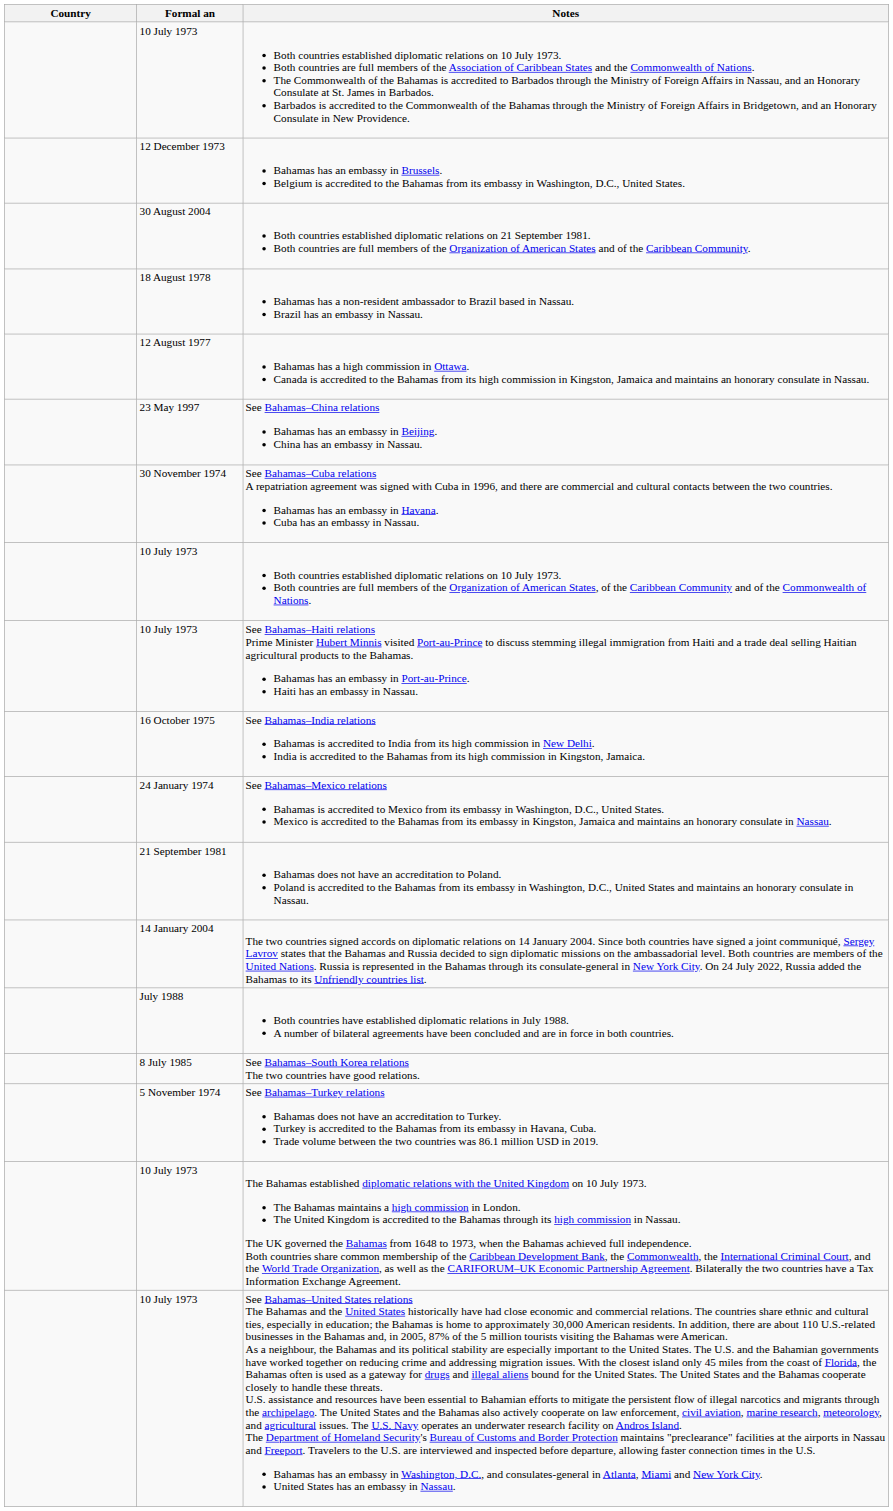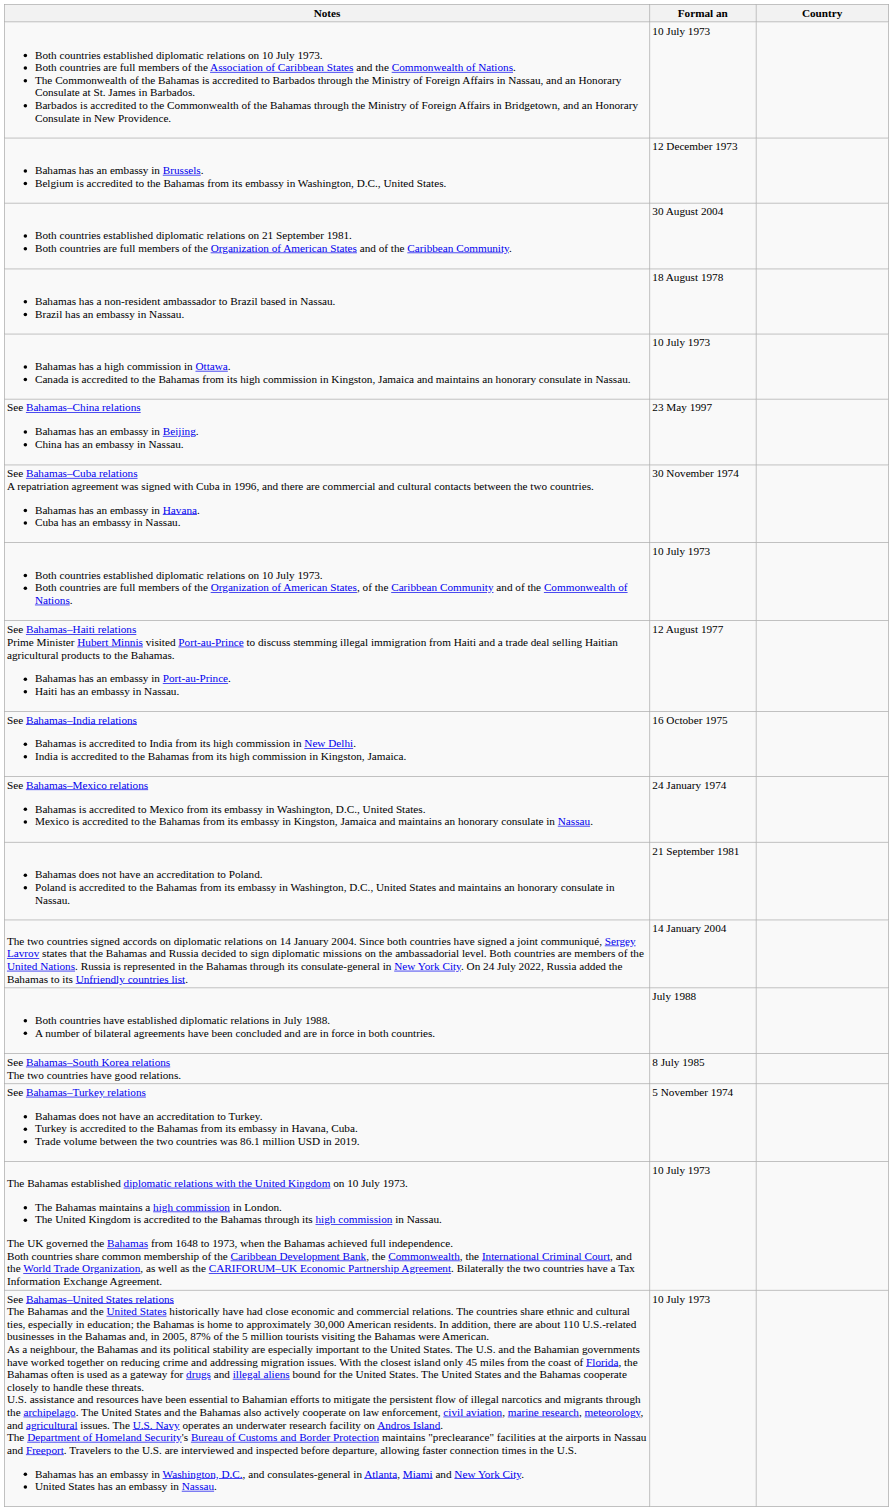 <table class="wikitable sortable" style="width:100%; margin:auto;">
 <tr>
+<th>Notes</th>
+<th style="width:12%;">Formal an</th>
 <th style="width:15%;">Country</th>
-<th style="width:12%;">Formal an</th>
-<th>Notes</th>
 </tr>
 <tr valign="top">
+<td><br><ul><li>Both countries established diplomatic relations on 10 July 1973.</li><li>Both countries are full members of the <a href='#'>Association of Caribbean States</a> and the <a href='#'>Commonwealth of Nations</a>.</li><li>The Commonwealth of the Bahamas is accredited to Barbados through the Ministry of Foreign Affairs in Nassau, and an Honorary Consulate at St. James in Barbados.</li><li>Barbados is accredited to the Commonwealth of the Bahamas through the Ministry of Foreign Affairs in Bridgetown, and an Honorary Consulate in New Providence.</li></ul></td>
+<td>10 July 1973</td>
 <td></td>
-<td>10 July 1973</td>
-<td><br><ul><li>Both countries established diplomatic relations on 10 July 1973.</li><li>Both countries are full members of the <a href='#'>Association of Caribbean States</a> and the <a href='#'>Commonwealth of Nations</a>.</li><li>The Commonwealth of the Bahamas is accredited to Barbados through the Ministry of Foreign Affairs in Nassau, and an Honorary Consulate at St. James in Barbados.</li><li>Barbados is accredited to the Commonwealth of the Bahamas through the Ministry of Foreign Affairs in Bridgetown, and an Honorary Consulate in New Providence.</li></ul></td>
 </tr>
 <tr valign="top">
+<td><br><ul><li>Bahamas has an embassy in <a href='#'>Brussels</a>.</li><li>Belgium is accredited to the Bahamas from its embassy in Washington, D.C., United States.</li></ul></td>
+<td>12 December 1973</td>
 <td></td>
-<td>12 December 1973</td>
-<td><br><ul><li>Bahamas has an embassy in <a href='#'>Brussels</a>.</li><li>Belgium is accredited to the Bahamas from its embassy in Washington, D.C., United States.</li></ul></td>
 </tr>
 <tr valign="top">
+<td><br><ul><li>Both countries established diplomatic relations on 21 September 1981.</li><li>Both countries are full members of the <a href='#'>Organization of American States</a> and of the <a href='#'>Caribbean Community</a>.</li></ul></td>
+<td>30 August 2004</td>
 <td></td>
-<td>30 August 2004</td>
-<td><br><ul><li>Both countries established diplomatic relations on 21 September 1981.</li><li>Both countries are full members of the <a href='#'>Organization of American States</a> and of the <a href='#'>Caribbean Community</a>.</li></ul></td>
 </tr>
 <tr valign="top">
+<td><br><ul><li>Bahamas has a non-resident ambassador to Brazil based in Nassau.</li><li>Brazil has an embassy in Nassau.</li></ul></td>
+<td>18 August 1978</td>
 <td></td>
-<td>18 August 1978</td>
-<td><br><ul><li>Bahamas has a non-resident ambassador to Brazil based in Nassau.</li><li>Brazil has an embassy in Nassau.</li></ul></td>
 </tr>
 <tr valign="top">
+<td><br><ul><li>Bahamas has a high commission in <a href='#'>Ottawa</a>.</li><li>Canada is accredited to the Bahamas from its high commission in Kingston, Jamaica and maintains an honorary consulate in Nassau.</li></ul></td>
+<td>10 July 1973</td>
 <td></td>
-<td>12 August 1977</td>
-<td><br><ul><li>Bahamas has a high commission in <a href='#'>Ottawa</a>.</li><li>Canada is accredited to the Bahamas from its high commission in Kingston, Jamaica and maintains an honorary consulate in Nassau.</li></ul></td>
 </tr>
 <tr valign="top">
+<td>See <a href='#'>Bahamas–China relations</a><br><ul><li>Bahamas has an embassy in <a href='#'>Beijing</a>.</li><li>China has an embassy in Nassau.</li></ul></td>
+<td>23 May 1997</td>
 <td></td>
-<td>23 May 1997</td>
-<td>See <a href='#'>Bahamas–China relations</a><br><ul><li>Bahamas has an embassy in <a href='#'>Beijing</a>.</li><li>China has an embassy in Nassau.</li></ul></td>
 </tr>
 <tr valign="top">
+<td>See <a href='#'>Bahamas–Cuba relations</a><br>A repatriation agreement was signed with Cuba in 1996, and there are commercial and cultural contacts between the two countries.<ul><li>Bahamas has an embassy in <a href='#'>Havana</a>.</li><li>Cuba has an embassy in Nassau.</li></ul></td>
+<td>30 November 1974</td>
 <td></td>
-<td>30 November 1974</td>
-<td>See <a href='#'>Bahamas–Cuba relations</a><br>A repatriation agreement was signed with Cuba in 1996, and there are commercial and cultural contacts between the two countries.<ul><li>Bahamas has an embassy in <a href='#'>Havana</a>.</li><li>Cuba has an embassy in Nassau.</li></ul></td>
 </tr>
 <tr valign="top">
+<td><br><ul><li>Both countries established diplomatic relations on 10 July 1973.</li><li>Both countries are full members of the <a href='#'>Organization of American States</a>, of the <a href='#'>Caribbean Community</a> and of the <a href='#'>Commonwealth of Nations</a>.</li></ul></td>
+<td>10 July 1973</td>
 <td></td>
-<td>10 July 1973</td>
-<td><br><ul><li>Both countries established diplomatic relations on 10 July 1973.</li><li>Both countries are full members of the <a href='#'>Organization of American States</a>, of the <a href='#'>Caribbean Community</a> and of the <a href='#'>Commonwealth of Nations</a>.</li></ul></td>
 </tr>
 <tr valign="top">
+<td>See <a href='#'>Bahamas–Haiti relations</a><br>Prime Minister <a href='#'>Hubert Minnis</a> visited <a href='#'>Port-au-Prince</a> to discuss stemming illegal immigration from Haiti and a trade deal selling Haitian agricultural products to the Bahamas.<ul><li>Bahamas has an embassy in <a href='#'>Port-au-Prince</a>.</li><li>Haiti has an embassy in Nassau.</li></ul></td>
+<td>12 August 1977</td>
 <td></td>
-<td>10 July 1973</td>
-<td>See <a href='#'>Bahamas–Haiti relations</a><br>Prime Minister <a href='#'>Hubert Minnis</a> visited <a href='#'>Port-au-Prince</a> to discuss stemming illegal immigration from Haiti and a trade deal selling Haitian agricultural products to the Bahamas.<ul><li>Bahamas has an embassy in <a href='#'>Port-au-Prince</a>.</li><li>Haiti has an embassy in Nassau.</li></ul></td>
 </tr>
 <tr valign="top">
+<td>See <a href='#'>Bahamas–India relations</a><br><ul><li>Bahamas is accredited to India from its high commission in <a href='#'>New Delhi</a>.</li><li>India is accredited to the Bahamas from its high commission in Kingston, Jamaica.</li></ul></td>
+<td>16 October 1975</td>
 <td></td>
-<td>16 October 1975</td>
-<td>See <a href='#'>Bahamas–India relations</a><br><ul><li>Bahamas is accredited to India from its high commission in <a href='#'>New Delhi</a>.</li><li>India is accredited to the Bahamas from its high commission in Kingston, Jamaica.</li></ul></td>
 </tr>
 <tr valign="top">
+<td>See <a href='#'>Bahamas–Mexico relations</a><br><ul><li>Bahamas is accredited to Mexico from its embassy in Washington, D.C., United States.</li><li>Mexico is accredited to the Bahamas from its embassy in Kingston, Jamaica and maintains an honorary consulate in <a href='#'>Nassau</a>.</li></ul></td>
+<td>24 January 1974</td>
 <td></td>
-<td>24 January 1974</td>
-<td>See <a href='#'>Bahamas–Mexico relations</a><br><ul><li>Bahamas is accredited to Mexico from its embassy in Washington, D.C., United States.</li><li>Mexico is accredited to the Bahamas from its embassy in Kingston, Jamaica and maintains an honorary consulate in <a href='#'>Nassau</a>.</li></ul></td>
 </tr>
 <tr valign="top">
+<td><br><ul><li>Bahamas does not have an accreditation to Poland.</li><li>Poland is accredited to the Bahamas from its embassy in Washington, D.C., United States and maintains an honorary consulate in Nassau.</li></ul></td>
+<td>21 September 1981</td>
 <td></td>
-<td>21 September 1981</td>
-<td><br><ul><li>Bahamas does not have an accreditation to Poland.</li><li>Poland is accredited to the Bahamas from its embassy in Washington, D.C., United States and maintains an honorary consulate in Nassau.</li></ul></td>
 </tr>
 <tr valign="top">
+<td><br>The two countries signed accords on diplomatic relations on 14 January 2004. Since both countries have signed a joint communiqué, <a href='#'>Sergey Lavrov</a> states that the Bahamas and Russia decided to sign diplomatic missions on the ambassadorial level. Both countries are members of the <a href='#'>United Nations</a>. Russia is represented in the Bahamas through its consulate-general in <a href='#'>New York City</a>. On 24 July 2022, Russia added the Bahamas to its <a href='#'>Unfriendly countries list</a>.</td>
+<td>14 January 2004</td>
 <td></td>
-<td>14 January 2004</td>
-<td><br>The two countries signed accords on diplomatic relations on 14 January 2004. Since both countries have signed a joint communiqué, <a href='#'>Sergey Lavrov</a> states that the Bahamas and Russia decided to sign diplomatic missions on the ambassadorial level. Both countries are members of the <a href='#'>United Nations</a>. Russia is represented in the Bahamas through its consulate-general in <a href='#'>New York City</a>. On 24 July 2022, Russia added the Bahamas to its <a href='#'>Unfriendly countries list</a>.</td>
 </tr>
 <tr valign="top">
+<td><br><ul><li>Both countries have established diplomatic relations in July 1988.</li><li>A number of bilateral agreements have been concluded and are in force in both countries.</li></ul></td>
+<td>July 1988</td>
 <td></td>
-<td>July 1988</td>
-<td><br><ul><li>Both countries have established diplomatic relations in July 1988.</li><li>A number of bilateral agreements have been concluded and are in force in both countries.</li></ul></td>
 </tr>
 <tr valign="top">
+<td>See <a href='#'>Bahamas–South Korea relations</a><br>The two countries have good relations.</td>
+<td>8 July 1985</td>
 <td></td>
-<td>8 July 1985</td>
-<td>See <a href='#'>Bahamas–South Korea relations</a><br>The two countries have good relations.</td>
 </tr>
 <tr valign="top">
+<td>See <a href='#'>Bahamas–Turkey relations</a><br><ul><li>Bahamas does not have an accreditation to Turkey.</li><li>Turkey is accredited to the Bahamas from its embassy in Havana, Cuba.</li><li>Trade volume between the two countries was 86.1 million USD in 2019.</li></ul></td>
+<td>5 November 1974</td>
 <td></td>
-<td>5 November 1974</td>
-<td>See <a href='#'>Bahamas–Turkey relations</a><br><ul><li>Bahamas does not have an accreditation to Turkey.</li><li>Turkey is accredited to the Bahamas from its embassy in Havana, Cuba.</li><li>Trade volume between the two countries was 86.1 million USD in 2019.</li></ul></td>
 </tr>
 <tr valign="top">
+<td><br>The Bahamas established <a href='#'>diplomatic relations with the United Kingdom</a> on 10 July 1973.<ul><li>The Bahamas maintains a <a href='#'>high commission</a> in London.</li><li>The United Kingdom is accredited to the Bahamas through its <a href='#'>high commission</a> in Nassau.</li></ul>The UK governed the <a href='#'>Bahamas</a> from 1648 to 1973, when the Bahamas achieved full independence.<br>Both countries share common membership of the <a href='#'>Caribbean Development Bank</a>, the <a href='#'>Commonwealth</a>, the <a href='#'>International Criminal Court</a>, and the <a href='#'>World Trade Organization</a>, as well as the <a href='#'>CARIFORUM–UK Economic Partnership Agreement</a>. Bilaterally the two countries have a Tax Information Exchange Agreement.</td>
+<td>10 July 1973</td>
 <td></td>
-<td>10 July 1973</td>
-<td><br>The Bahamas established <a href='#'>diplomatic relations with the United Kingdom</a> on 10 July 1973.<ul><li>The Bahamas maintains a <a href='#'>high commission</a> in London.</li><li>The United Kingdom is accredited to the Bahamas through its <a href='#'>high commission</a> in Nassau.</li></ul>The UK governed the <a href='#'>Bahamas</a> from 1648 to 1973, when the Bahamas achieved full independence.<br>Both countries share common membership of the <a href='#'>Caribbean Development Bank</a>, the <a href='#'>Commonwealth</a>, the <a href='#'>International Criminal Court</a>, and the <a href='#'>World Trade Organization</a>, as well as the <a href='#'>CARIFORUM–UK Economic Partnership Agreement</a>. Bilaterally the two countries have a Tax Information Exchange Agreement.</td>
 </tr>
 <tr valign="top">
+<td>See <a href='#'>Bahamas–United States relations</a><br>The Bahamas and the <a href='#'>United States</a> historically have had close economic and commercial relations. The countries share ethnic and cultural ties, especially in education; the Bahamas is home to approximately 30,000 American residents. In addition, there are about 110 U.S.-related businesses in the Bahamas and, in 2005, 87% of the 5 million tourists visiting the Bahamas were American.<br>As a neighbour, the Bahamas and its political stability are especially important to the United States. The U.S. and the Bahamian governments have worked together on reducing crime and addressing migration issues. With the closest island only 45 miles from the coast of <a href='#'>Florida</a>, the Bahamas often is used as a gateway for <a href='#'>drugs</a> and <a href='#'>illegal aliens</a> bound for the United States. The United States and the Bahamas cooperate closely to handle these threats.<br>U.S. assistance and resources have been essential to Bahamian efforts to mitigate the persistent flow of illegal narcotics and migrants through the <a href='#'>archipelago</a>. The United States and the Bahamas also actively cooperate on law enforcement, <a href='#'>civil aviation</a>, <a href='#'>marine research</a>, <a href='#'>meteorology</a>, and <a href='#'>agricultural</a> issues. The <a href='#'>U.S. Navy</a> operates an underwater research facility on <a href='#'>Andros Island</a>.<br>The <a href='#'>Department of Homeland Security</a>'s <a href='#'>Bureau of Customs and Border Protection</a> maintains "preclearance" facilities at the airports in Nassau and <a href='#'>Freeport</a>. Travelers to the U.S. are interviewed and inspected before departure, allowing faster connection times in the U.S.<ul><li>Bahamas has an embassy in <a href='#'>Washington, D.C.</a>, and consulates-general in <a href='#'>Atlanta</a>, <a href='#'>Miami</a> and <a href='#'>New York City</a>.</li><li>United States has an embassy in <a href='#'>Nassau</a>.</li></ul></td>
+<td>10 July 1973</td>
 <td></td>
-<td>10 July 1973</td>
-<td>See <a href='#'>Bahamas–United States relations</a><br>The Bahamas and the <a href='#'>United States</a> historically have had close economic and commercial relations. The countries share ethnic and cultural ties, especially in education; the Bahamas is home to approximately 30,000 American residents. In addition, there are about 110 U.S.-related businesses in the Bahamas and, in 2005, 87% of the 5 million tourists visiting the Bahamas were American.<br>As a neighbour, the Bahamas and its political stability are especially important to the United States. The U.S. and the Bahamian governments have worked together on reducing crime and addressing migration issues. With the closest island only 45 miles from the coast of <a href='#'>Florida</a>, the Bahamas often is used as a gateway for <a href='#'>drugs</a> and <a href='#'>illegal aliens</a> bound for the United States. The United States and the Bahamas cooperate closely to handle these threats.<br>U.S. assistance and resources have been essential to Bahamian efforts to mitigate the persistent flow of illegal narcotics and migrants through the <a href='#'>archipelago</a>. The United States and the Bahamas also actively cooperate on law enforcement, <a href='#'>civil aviation</a>, <a href='#'>marine research</a>, <a href='#'>meteorology</a>, and <a href='#'>agricultural</a> issues. The <a href='#'>U.S. Navy</a> operates an underwater research facility on <a href='#'>Andros Island</a>.<br>The <a href='#'>Department of Homeland Security</a>'s <a href='#'>Bureau of Customs and Border Protection</a> maintains "preclearance" facilities at the airports in Nassau and <a href='#'>Freeport</a>. Travelers to the U.S. are interviewed and inspected before departure, allowing faster connection times in the U.S.<ul><li>Bahamas has an embassy in <a href='#'>Washington, D.C.</a>, and consulates-general in <a href='#'>Atlanta</a>, <a href='#'>Miami</a> and <a href='#'>New York City</a>.</li><li>United States has an embassy in <a href='#'>Nassau</a>.</li></ul></td>
 </tr>
 </table>
